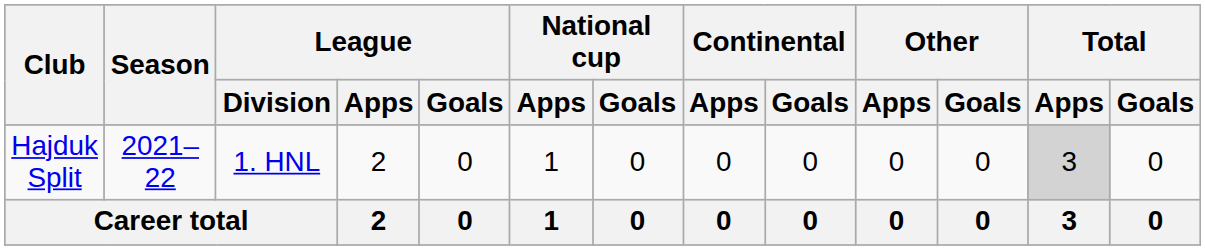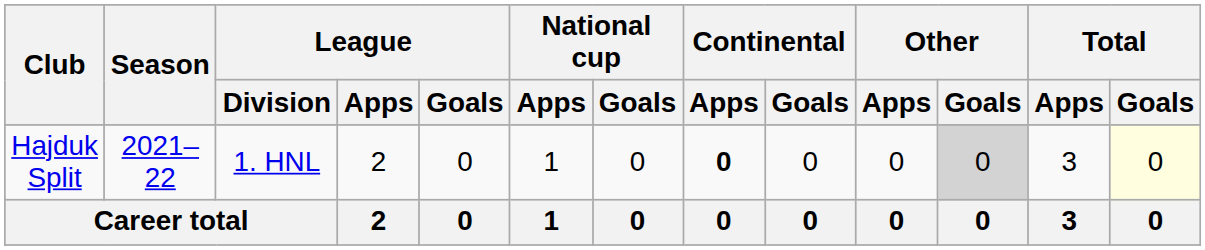 <table class="wikitable" style="text-align: center">
 <tr>
 <th rowspan="2">Club</th>
 <th rowspan="2">Season</th>
 <th colspan="3">League</th>
 <th colspan="2">National cup</th>
 <th colspan="2">Continental</th>
 <th colspan="2">Other</th>
 <th colspan="2">Total</th>
 </tr>
 <tr>
 <th>Division</th>
 <th>Apps</th>
 <th>Goals</th>
 <th>Apps</th>
 <th>Goals</th>
 <th>Apps</th>
 <th>Goals</th>
 <th>Apps</th>
 <th>Goals</th>
 <th>Apps</th>
 <th>Goals</th>
 </tr>
 <tr>
 <td><a href='#'>Hajduk Split</a></td>
 <td><a href='#'>2021–22</a></td>
 <td><a href='#'>1. HNL</a></td>
 <td>2</td>
 <td>0</td>
 <td>1</td>
 <td>0</td>
+<td><strong>0</strong></td>
 <td>0</td>
 <td>0</td>
-<td>0</td>
-<td>0</td>
-<td style="background: lightgrey;">3</td>
-<td>0</td>
+<td style="background: lightgrey;">0</td>
+<td>3</td>
+<td style="background: lightyellow;">0</td>
 </tr>
 <tr>
 <th colspan=3>Career total</th>
 <th>2</th>
 <th>0</th>
 <th>1</th>
 <th>0</th>
 <th>0</th>
 <th>0</th>
 <th>0</th>
 <th>0</th>
 <th>3</th>
 <th>0</th>
 </tr>
 </table>
